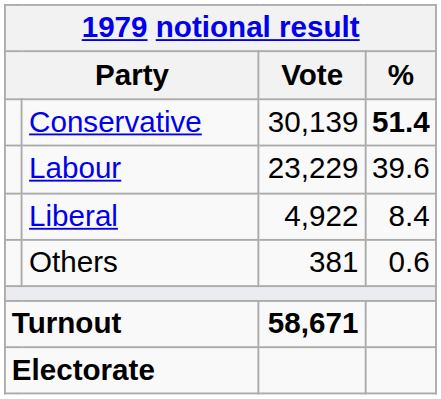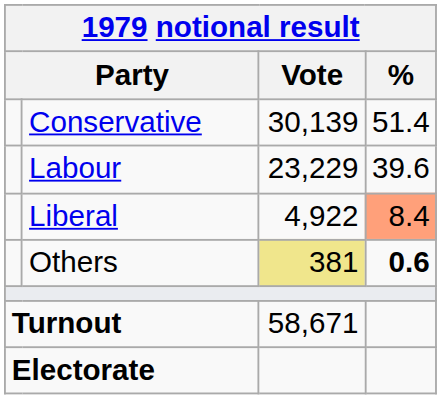 <table class="wikitable">
 <tr>
 <th colspan="4"><a href='#'>1979</a> <a href='#'>notional result</a></th>
 </tr>
 <tr>
 <th bgcolor="#DDDDFF" width="130px" colspan="2">Party</th>
 <th bgcolor="#DDDDFF" width="50px">Vote</th>
 <th bgcolor="#DDDDFF" width="30px">%</th>
 </tr>
 <tr>
 <td></td>
 <td><a href='#'>Conservative</a></td>
 <td align=right>30,139</td>
-<td align=right><strong>51.4</strong></td>
+<td align=right>51.4</td>
 </tr>
 <tr>
 <td></td>
 <td><a href='#'>Labour</a></td>
 <td align=right>23,229</td>
 <td align=right>39.6</td>
 </tr>
 <tr>
 <td></td>
 <td><a href='#'>Liberal</a></td>
 <td align=right>4,922</td>
-<td align=right>8.4</td>
+<td align=right style="background: lightsalmon;">8.4</td>
 </tr>
 <tr>
 <td></td>
 <td>Others</td>
-<td align=right>381</td>
-<td align=right>0.6</td>
+<td align=right style="background: khaki;">381</td>
+<td align=right><strong>0.6</strong></td>
 </tr>
 <tr>
 <td colspan="4" bgcolor="#EAECF0"></td>
 </tr>
 <tr>
 <td colspan="2"><strong>Turnout</strong></td>
-<td align=right><strong>58,671</strong></td>
+<td align=right>58,671</td>
 <td align=right></td>
 </tr>
 <tr>
 <td colspan="2"><strong>Electorate</strong></td>
 <td align=right></td>
 </tr>
 </table>
